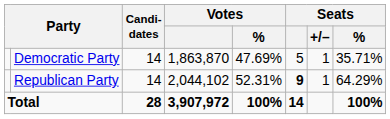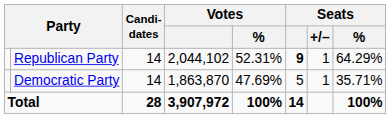 <table class="wikitable" style="font-size:100%; text-align:right;">
 <tr>
 <th colspan=2 rowspan=2>Party</th>
 <th rowspan=2><small>Candi-<br>dates</small></th>
 <th colspan=2>Votes</th>
 <th colspan=3>Seats</th>
 </tr>
 <tr>
 <th></th>
 <th>%</th>
 <th></th>
 <th>+/–</th>
 <th>%</th>
 </tr>
 <tr>
 <td style="background:"></td>
+<td align=left><a href='#'>Republican Party</a></td>
+<td>14</td>
+<td>2,044,102</td>
+<td>52.31%</td>
+<td><strong>9</strong></td>
+<td> 1</td>
+<td>64.29%</td>
+</tr>
+<tr>
+<td style="background:"></td>
 <td align=left><a href='#'>Democratic Party</a></td>
 <td>14</td>
 <td>1,863,870</td>
 <td>47.69%</td>
 <td>5</td>
 <td> 1</td>
 <td>35.71%</td>
-</tr>
-<tr>
-<td style="background:"></td>
-<td align=left><a href='#'>Republican Party</a></td>
-<td>14</td>
-<td>2,044,102</td>
-<td>52.31%</td>
-<td><strong>9</strong></td>
-<td> 1</td>
-<td>64.29%</td>
 </tr>
 <tr style="font-weight:bold">
 <td colspan=2 align=left>Total</td>
 <td>28</td>
 <td>3,907,972</td>
 <td>100%</td>
 <td>14</td>
 <td></td>
 <td>100%</td>
 </tr>
 </table>
